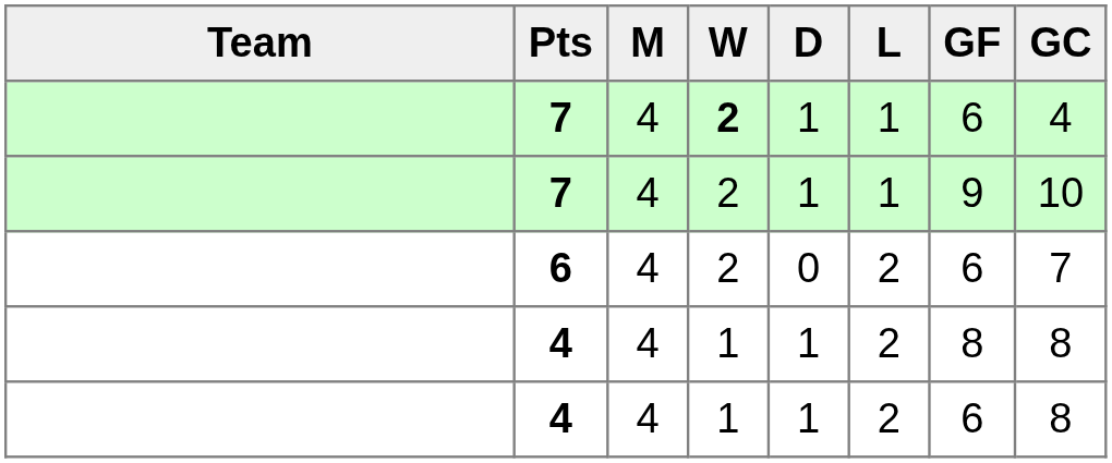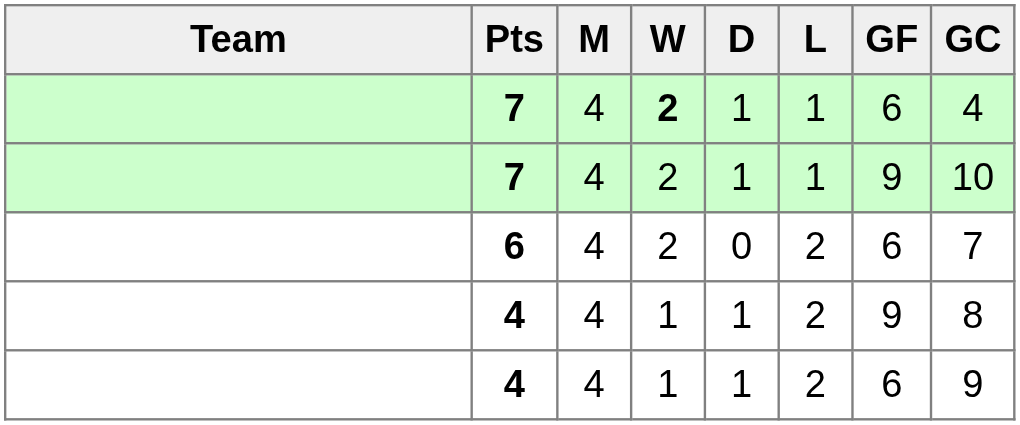 <table style=border-collapse:collapse border=1 cellspacing=0 cellpadding=5>
 <tr align=center bgcolor=#efefef>
 <th width=185>Team</th>
 <th width=20>Pts</th>
 <th width=20>M</th>
 <th width=20>W</th>
 <th width=20>D</th>
 <th width=20>L</th>
 <th width=20>GF</th>
 <th width=20>GC</th>
 </tr>
 <tr align=center bgcolor=#ccffcc>
 <td style="text-align:left;"></td>
 <td><strong>7</strong></td>
 <td>4</td>
 <td><strong>2</strong></td>
 <td>1</td>
 <td>1</td>
 <td>6</td>
 <td>4</td>
 </tr>
 <tr align=center bgcolor=#ccffcc>
 <td style="text-align:left;"></td>
 <td><strong>7</strong></td>
 <td>4</td>
 <td>2</td>
 <td>1</td>
 <td>1</td>
 <td>9</td>
 <td>10</td>
 </tr>
 <tr align=center>
 <td style="text-align:left;"></td>
 <td><strong>6</strong></td>
 <td>4</td>
 <td>2</td>
 <td>0</td>
 <td>2</td>
 <td>6</td>
 <td>7</td>
 </tr>
 <tr align=center>
 <td style="text-align:left;"></td>
 <td><strong>4</strong></td>
 <td>4</td>
 <td>1</td>
 <td>1</td>
 <td>2</td>
-<td>8</td>
+<td>9</td>
 <td>8</td>
 </tr>
 <tr align=center>
 <td style="text-align:left;"></td>
 <td><strong>4</strong></td>
 <td>4</td>
 <td>1</td>
 <td>1</td>
 <td>2</td>
 <td>6</td>
-<td>8</td>
+<td>9</td>
 </tr>
 </table>
